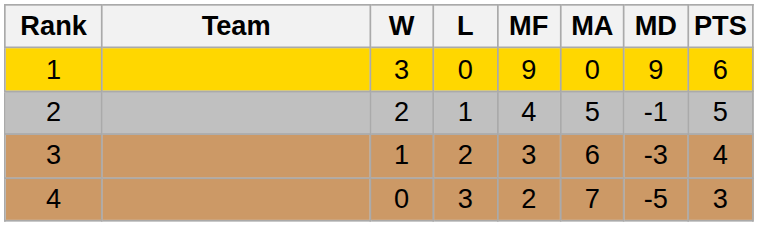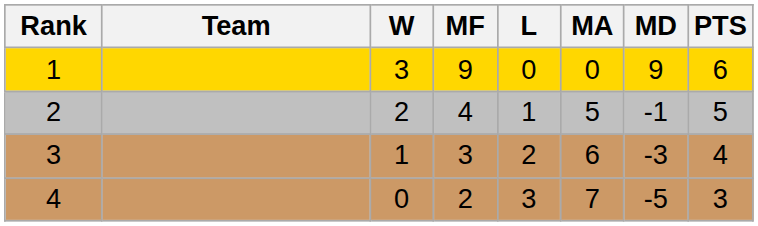 <table class="wikitable" style="text-align:center">
 <tr>
 <th width=50>Rank</th>
 <th width=150>Team</th>
 <th width=30>W</th>
+<th width=30>MF</th>
 <th width=30>L</th>
-<th width=30>MF</th>
 <th width=30>MA</th>
 <th width=30>MD</th>
 <th width=30>PTS</th>
 </tr>
 <tr bgcolor=gold>
 <td>1</td>
 <td style="text-align:left;"></td>
 <td>3</td>
+<td>9</td>
 <td>0</td>
-<td>9</td>
 <td>0</td>
 <td>9</td>
 <td>6</td>
 </tr>
 <tr bgcolor=silver>
 <td>2</td>
 <td style="text-align:left;"></td>
 <td>2</td>
+<td>4</td>
 <td>1</td>
-<td>4</td>
 <td>5</td>
 <td>-1</td>
 <td>5</td>
 </tr>
 <tr bgcolor=#cc9966>
 <td>3</td>
 <td style="text-align:left;"></td>
 <td>1</td>
+<td>3</td>
 <td>2</td>
-<td>3</td>
 <td>6</td>
 <td>-3</td>
 <td>4</td>
 </tr>
 <tr bgcolor=#cc9966>
 <td>4</td>
 <td style="text-align:left;"></td>
 <td>0</td>
+<td>2</td>
 <td>3</td>
-<td>2</td>
 <td>7</td>
 <td>-5</td>
 <td>3</td>
 </tr>
 </table>
